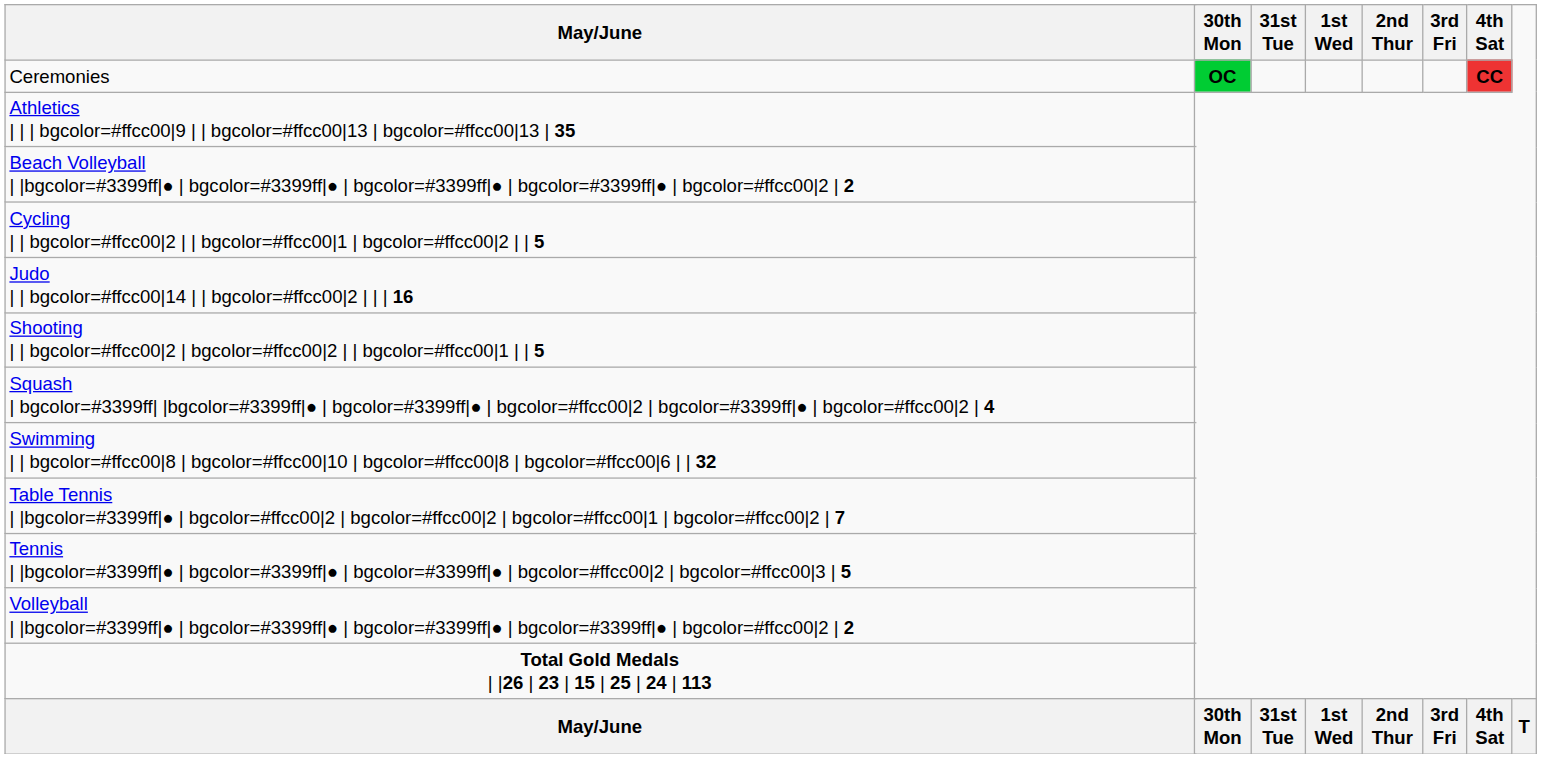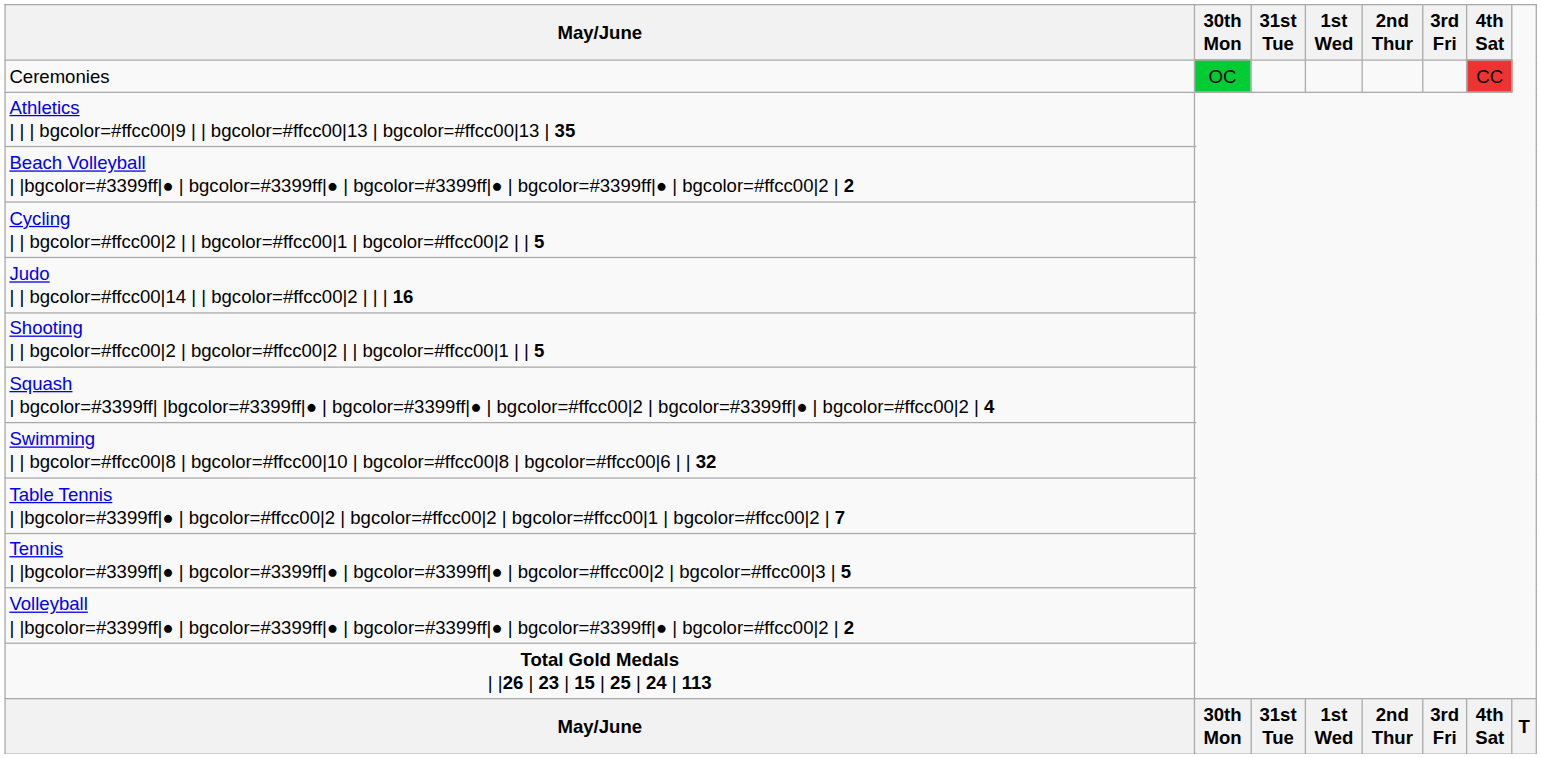 <table class="wikitable" style="margin:0.5em auto; font-size:90%; line-height:1.25em;" width=75%>
 <tr>
 <th colspan=2>May/June</th>
 <th>30th<br>Mon</th>
 <th>31st<br>Tue</th>
 <th>1st<br>Wed</th>
 <th>2nd<br>Thur</th>
 <th>3rd<br>Fri</th>
 <th>4th<br>Sat</th>
 </tr>
 <tr>
 <td colspan=2>Ceremonies</td>
-<td bgcolor=#00cc33 align=center><strong>OC</strong></td>
+<td bgcolor=#00cc33 align=center>OC</td>
 <td></td>
 <td></td>
 <td></td>
 <td></td>
-<td bgcolor=#ee3333 align=center><strong>CC</strong></td>
+<td bgcolor=#ee3333 align=center>CC</td>
 </tr>
 <tr align="center">
 <td colspan=2 align="left"> <a href='#'>Athletics</a><br>|  | | bgcolor=#ffcc00|9 |  | bgcolor=#ffcc00|13 | bgcolor=#ffcc00|13 | <strong>35</strong></td>
 </tr>
 <tr align="center">
 <td colspan=2 align="left"> <a href='#'>Beach Volleyball</a><br>|  |bgcolor=#3399ff|● | bgcolor=#3399ff|● | bgcolor=#3399ff|● | bgcolor=#3399ff|● | bgcolor=#ffcc00|2 | <strong>2</strong></td>
 </tr>
 <tr align="center">
 <td colspan=2 align="left"> <a href='#'>Cycling</a><br>|  | bgcolor=#ffcc00|2 |  | bgcolor=#ffcc00|1 | bgcolor=#ffcc00|2 |  | <strong>5</strong></td>
 </tr>
 <tr align="center">
 <td colspan=2 align="left"> <a href='#'>Judo</a><br>|  | bgcolor=#ffcc00|14 |  | bgcolor=#ffcc00|2 |  |  | <strong>16</strong></td>
 </tr>
 <tr align="center">
 <td colspan=2 align="left"> <a href='#'>Shooting</a><br>|  | bgcolor=#ffcc00|2 | bgcolor=#ffcc00|2 |  | bgcolor=#ffcc00|1 |  | <strong>5</strong></td>
 </tr>
 <tr align="center">
 <td colspan=2 align="left"> <a href='#'>Squash</a><br>| bgcolor=#3399ff| |bgcolor=#3399ff|● | bgcolor=#3399ff|● | bgcolor=#ffcc00|2 | bgcolor=#3399ff|● | bgcolor=#ffcc00|2 | <strong>4</strong></td>
 </tr>
 <tr align="center">
 <td colspan=2 align="left"> <a href='#'>Swimming</a><br>|  | bgcolor=#ffcc00|8 | bgcolor=#ffcc00|10 | bgcolor=#ffcc00|8 | bgcolor=#ffcc00|6 |  | <strong>32</strong></td>
 </tr>
 <tr align="center">
 <td colspan=2 align="left"> <a href='#'>Table Tennis</a><br>|  |bgcolor=#3399ff|● | bgcolor=#ffcc00|2 | bgcolor=#ffcc00|2 | bgcolor=#ffcc00|1 | bgcolor=#ffcc00|2 | <strong>7</strong></td>
 </tr>
 <tr align="center">
 <td colspan=2 align="left"> <a href='#'>Tennis</a><br>|  |bgcolor=#3399ff|● | bgcolor=#3399ff|● | bgcolor=#3399ff|● | bgcolor=#ffcc00|2 | bgcolor=#ffcc00|3 | <strong>5</strong></td>
 </tr>
 <tr align="center">
 <td colspan=2 align="left"> <a href='#'>Volleyball</a><br>|  |bgcolor=#3399ff|● | bgcolor=#3399ff|● | bgcolor=#3399ff|● | bgcolor=#3399ff|● | bgcolor=#ffcc00|2 | <strong>2</strong></td>
 </tr>
 <tr align="center">
 <td colspan=2><strong>Total Gold Medals</strong><br>|  |<strong>26</strong> | <strong>23</strong> | <strong>15</strong> | <strong>25</strong> | <strong>24</strong> | <strong>113</strong></td>
 </tr>
 <tr>
 <th colspan=2>May/June</th>
 <th>30th<br>Mon</th>
 <th>31st<br>Tue</th>
 <th>1st<br>Wed</th>
 <th>2nd<br>Thur</th>
 <th>3rd<br>Fri</th>
 <th>4th<br>Sat</th>
 <th>T</th>
 </tr>
 </table>
